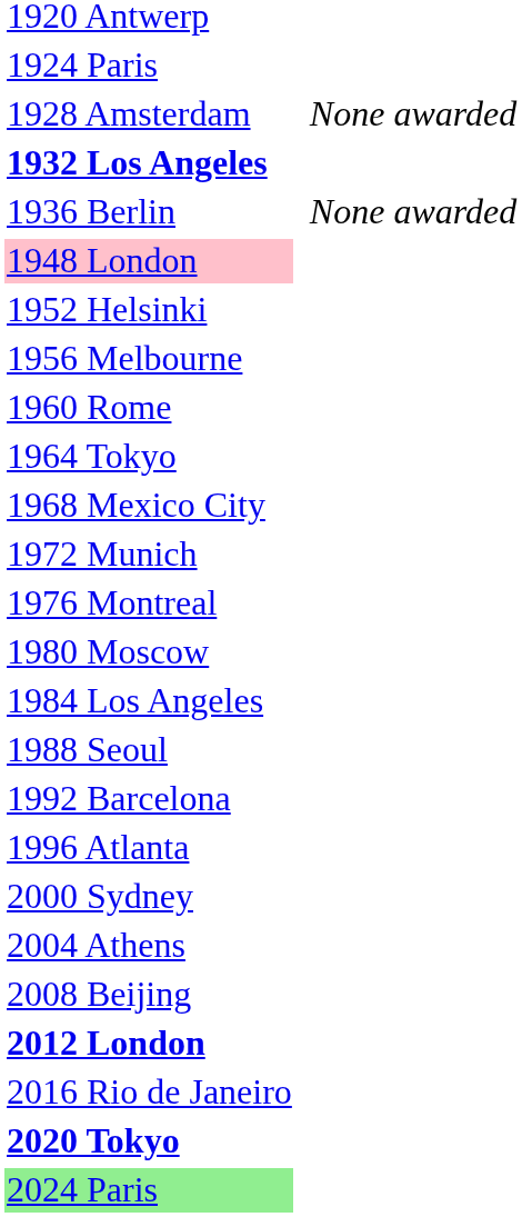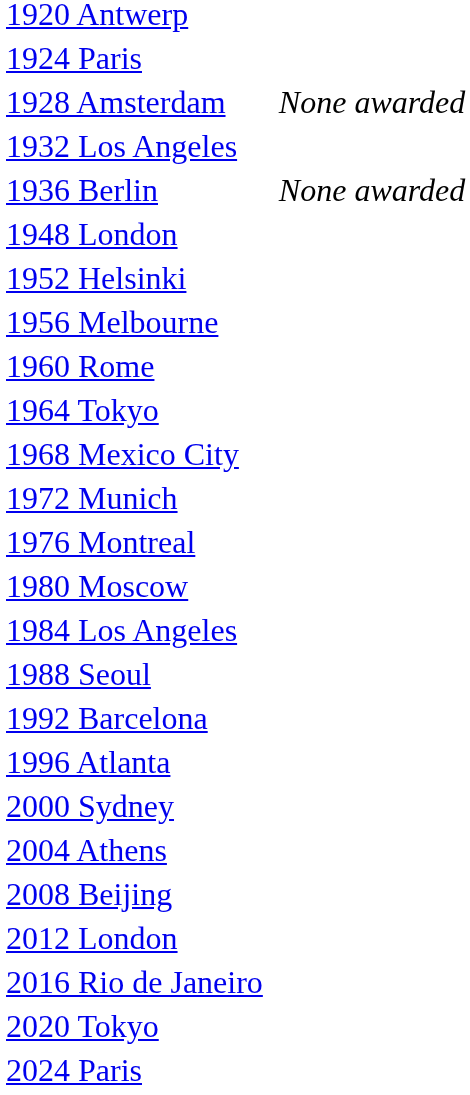 <table>
 <tr>
 <td><a href='#'>1920 Antwerp</a><br></td>
 <td></td>
 <td></td>
 <td></td>
 </tr>
 <tr>
 <td><a href='#'>1924 Paris</a><br></td>
 <td></td>
 <td></td>
 <td></td>
 </tr>
 <tr>
 <td rowspan="2"><a href='#'>1928 Amsterdam</a><br></td>
 <td></td>
 <td rowspan="2" align="center"><em>None awarded</em></td>
 <td rowspan="2"></td>
 </tr>
 <tr>
 <td></td>
 </tr>
 <tr>
-<td><strong><a href='#'>1932 Los Angeles</a><br></strong></td>
+<td><a href='#'>1932 Los Angeles</a><br></td>
 <td></td>
 <td></td>
 <td></td>
 </tr>
 <tr>
 <td rowspan="2"><a href='#'>1936 Berlin</a><br></td>
 <td></td>
 <td rowspan="2" align="center"><em>None awarded</em></td>
 <td rowspan="2"></td>
 </tr>
 <tr>
 <td></td>
 </tr>
 <tr>
-<td style="background: pink;"><a href='#'>1948 London</a><br></td>
+<td><a href='#'>1948 London</a><br></td>
 <td></td>
 <td></td>
 <td></td>
 </tr>
 <tr>
 <td><a href='#'>1952 Helsinki</a><br></td>
 <td></td>
 <td></td>
 <td></td>
 </tr>
 <tr>
 <td><a href='#'>1956 Melbourne</a><br></td>
 <td></td>
 <td></td>
 <td></td>
 </tr>
 <tr>
 <td><a href='#'>1960 Rome</a><br></td>
 <td></td>
 <td></td>
 <td></td>
 </tr>
 <tr>
 <td><a href='#'>1964 Tokyo</a><br></td>
 <td></td>
 <td></td>
 <td></td>
 </tr>
 <tr>
 <td><a href='#'>1968 Mexico City</a><br></td>
 <td></td>
 <td></td>
 <td></td>
 </tr>
 <tr>
 <td><a href='#'>1972 Munich</a><br></td>
 <td></td>
 <td></td>
 <td></td>
 </tr>
 <tr>
 <td><a href='#'>1976 Montreal</a><br></td>
 <td></td>
 <td></td>
 <td></td>
 </tr>
 <tr>
 <td><a href='#'>1980 Moscow</a><br></td>
 <td></td>
 <td></td>
 <td></td>
 </tr>
 <tr>
 <td><a href='#'>1984 Los Angeles</a><br></td>
 <td></td>
 <td></td>
 <td></td>
 </tr>
 <tr>
 <td><a href='#'>1988 Seoul</a><br></td>
 <td></td>
 <td></td>
 <td></td>
 </tr>
 <tr>
 <td><a href='#'>1992 Barcelona</a><br></td>
 <td></td>
 <td></td>
 <td></td>
 </tr>
 <tr>
 <td><a href='#'>1996 Atlanta</a><br></td>
 <td></td>
 <td></td>
 <td></td>
 </tr>
 <tr>
 <td><a href='#'>2000 Sydney</a><br></td>
 <td></td>
 <td></td>
 <td></td>
 </tr>
 <tr>
 <td><a href='#'>2004 Athens</a><br></td>
 <td></td>
 <td></td>
 <td></td>
 </tr>
 <tr>
 <td><a href='#'>2008 Beijing</a><br></td>
 <td></td>
 <td></td>
 <td></td>
 </tr>
 <tr>
-<td><strong><a href='#'>2012 London</a><br></strong></td>
+<td><a href='#'>2012 London</a><br></td>
 <td></td>
 <td></td>
 <td></td>
 </tr>
 <tr>
 <td><a href='#'>2016 Rio de Janeiro</a><br></td>
 <td></td>
 <td></td>
 <td></td>
 </tr>
 <tr>
-<td><strong><a href='#'>2020 Tokyo</a><br></strong></td>
+<td><a href='#'>2020 Tokyo</a><br></td>
 <td></td>
 <td></td>
 <td></td>
 </tr>
 <tr>
-<td style="background: lightgreen;"><a href='#'>2024 Paris</a><br></td>
+<td><a href='#'>2024 Paris</a><br></td>
 <td></td>
 <td></td>
 <td></td>
 </tr>
 <tr>
 </tr>
 </table>
